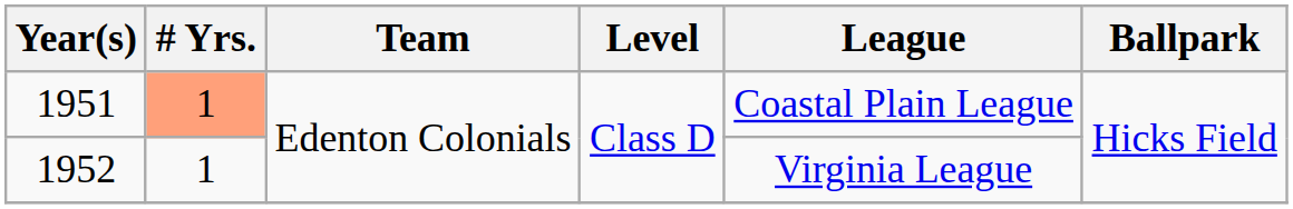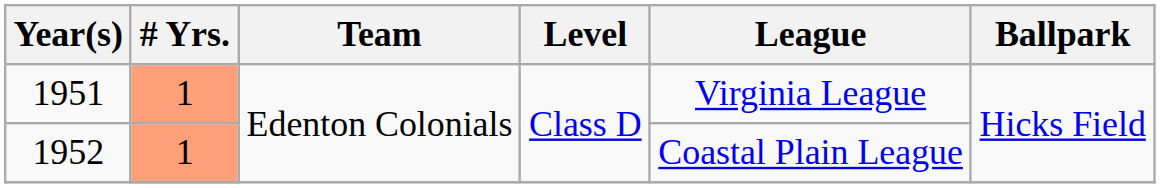 <table class="wikitable" style="text-align:center; font-size: 95%;">
 <tr>
 <th>Year(s)</th>
 <th># Yrs.</th>
 <th>Team</th>
 <th>Level</th>
 <th>League</th>
 <th>Ballpark</th>
 </tr>
 <tr>
 <td>1951</td>
 <td style="background: lightsalmon;">1</td>
 <td rowspan=2>Edenton Colonials</td>
 <td rowspan=2><a href='#'>Class D</a></td>
-<td><a href='#'>Coastal Plain League</a></td>
+<td><a href='#'>Virginia League</a></td>
 <td rowspan=2><a href='#'>Hicks Field</a></td>
 </tr>
 <tr>
 <td>1952</td>
-<td>1</td>
-<td><a href='#'>Virginia League</a></td>
+<td style="background: lightsalmon;">1</td>
+<td><a href='#'>Coastal Plain League</a></td>
 </tr>
 <tr>
 </tr>
 </table>
